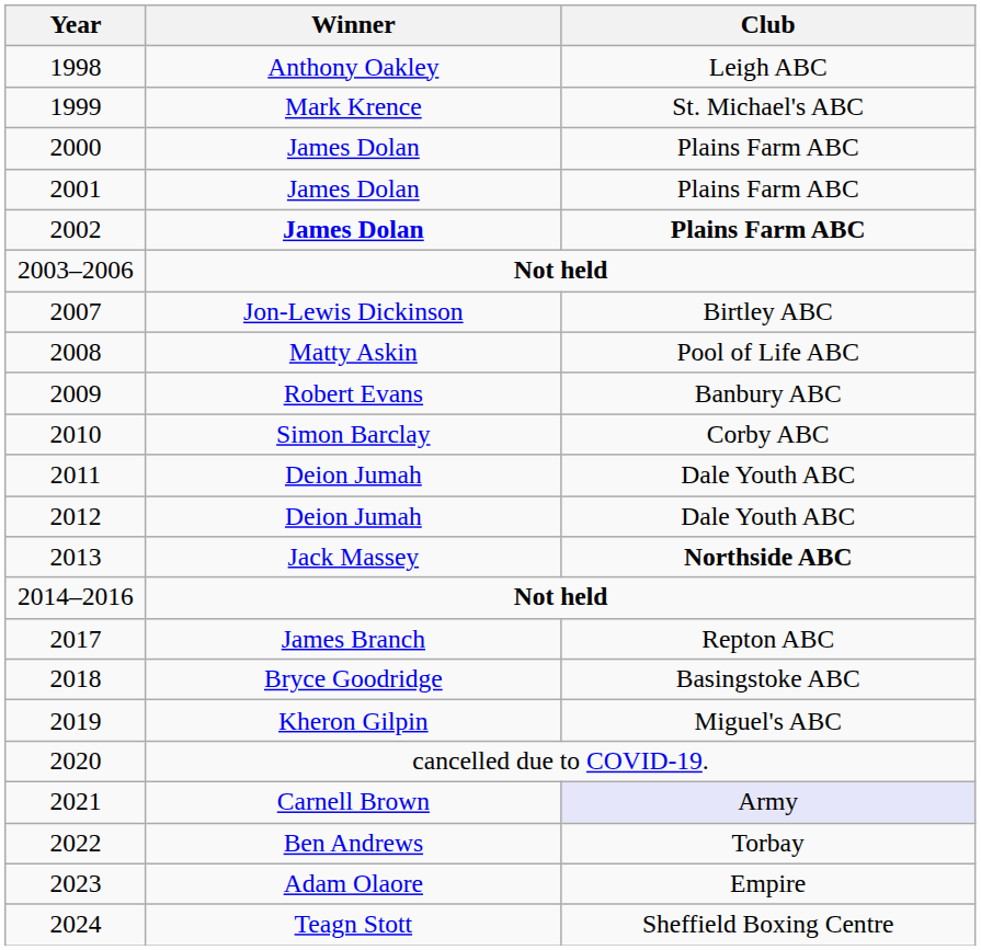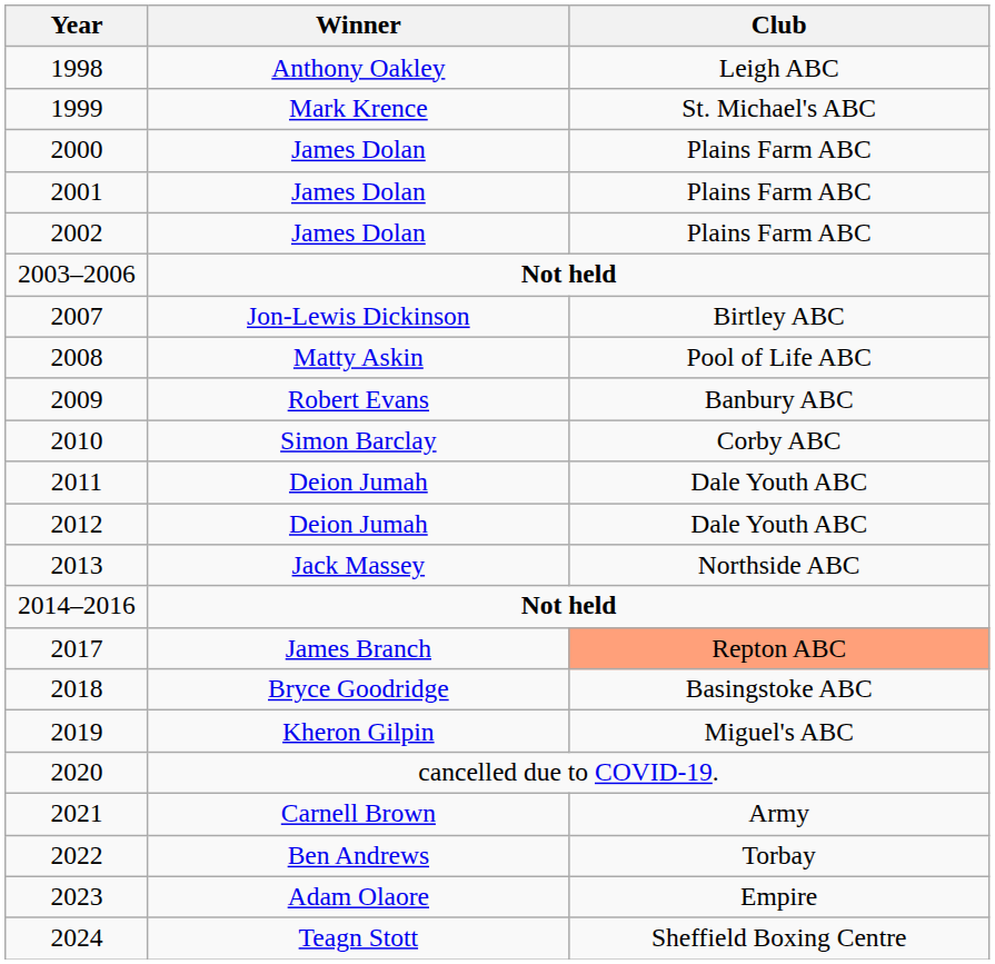 <table class="wikitable" style="text-align:center">
 <tr>
 <th width=80>Year</th>
 <th width=250>Winner</th>
 <th width=250>Club</th>
 </tr>
 <tr>
 <td>1998</td>
 <td><a href='#'>Anthony Oakley</a></td>
 <td>Leigh ABC</td>
 </tr>
 <tr>
 <td>1999</td>
 <td><a href='#'>Mark Krence</a></td>
 <td>St. Michael's ABC</td>
 </tr>
 <tr>
 <td>2000</td>
 <td><a href='#'>James Dolan</a></td>
 <td>Plains Farm ABC</td>
 </tr>
 <tr>
 <td>2001</td>
 <td><a href='#'>James Dolan</a></td>
 <td>Plains Farm ABC</td>
 </tr>
 <tr>
 <td>2002</td>
-<td><strong><a href='#'>James Dolan</a></strong></td>
-<td><strong>Plains Farm ABC</strong></td>
+<td><a href='#'>James Dolan</a></td>
+<td>Plains Farm ABC</td>
 </tr>
 <tr>
 <td>2003–2006</td>
 <td colspan=2><strong>Not held</strong></td>
 </tr>
 <tr>
 <td>2007</td>
 <td><a href='#'>Jon-Lewis Dickinson</a></td>
 <td>Birtley ABC</td>
 </tr>
 <tr>
 <td>2008</td>
 <td><a href='#'>Matty Askin</a></td>
 <td>Pool of Life ABC</td>
 </tr>
 <tr>
 <td>2009</td>
 <td><a href='#'>Robert Evans</a></td>
 <td>Banbury ABC</td>
 </tr>
 <tr>
 <td>2010</td>
 <td><a href='#'>Simon Barclay</a></td>
 <td>Corby ABC</td>
 </tr>
 <tr>
 <td>2011</td>
 <td><a href='#'>Deion Jumah</a></td>
 <td>Dale Youth ABC</td>
 </tr>
 <tr>
 <td>2012</td>
 <td><a href='#'>Deion Jumah</a></td>
 <td>Dale Youth ABC</td>
 </tr>
 <tr>
 <td>2013</td>
 <td><a href='#'>Jack Massey</a></td>
-<td><strong>Northside ABC</strong></td>
+<td>Northside ABC</td>
 </tr>
 <tr>
 <td>2014–2016</td>
 <td colspan=2><strong>Not held</strong></td>
 </tr>
 <tr>
 <td>2017</td>
 <td><a href='#'>James Branch</a></td>
-<td>Repton ABC</td>
+<td style="background: lightsalmon;">Repton ABC</td>
 </tr>
 <tr>
 <td>2018</td>
 <td><a href='#'>Bryce Goodridge</a></td>
 <td>Basingstoke ABC</td>
 </tr>
 <tr>
 <td>2019</td>
 <td><a href='#'>Kheron Gilpin</a></td>
 <td>Miguel's ABC</td>
 </tr>
 <tr>
 <td>2020</td>
 <td colspan=2>cancelled due to <a href='#'>COVID-19</a>.</td>
 </tr>
 <tr>
 <td>2021</td>
 <td><a href='#'>Carnell Brown</a></td>
-<td style="background: lavender;">Army</td>
+<td>Army</td>
 </tr>
 <tr>
 <td>2022</td>
 <td><a href='#'>Ben Andrews</a></td>
 <td>Torbay</td>
 </tr>
 <tr>
 <td>2023</td>
 <td><a href='#'>Adam Olaore</a></td>
 <td>Empire</td>
 </tr>
 <tr>
 <td>2024</td>
 <td><a href='#'>Teagn Stott</a></td>
 <td>Sheffield Boxing Centre</td>
 </tr>
 </table>
